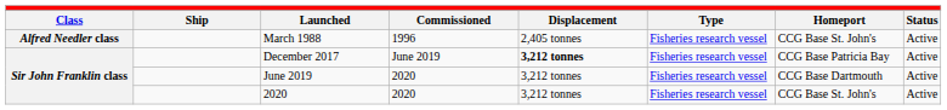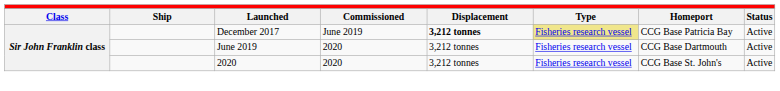 <table class="wikitable" style="margin:auto; width:100%;">
 <tr>
 <th style="align: center; background: #FF0000;" colspan="8"><strong></strong></th>
 </tr>
 <tr>
 </tr>
 <tr>
 <th style="text-align:center; width:14%;"><a href='#'>Class</a></th>
 <th style="text-align:center; width:14%;">Ship</th>
 <th style="text-align:center; width:14%;">Launched</th>
 <th style="text-align:center; width:14%;">Commissioned</th>
 <th style="text-align:center; width:14%;">Displacement</th>
 <th style="text-align:center; width:14%;">Type</th>
 <th style="text-align:center; width:14%;">Homeport</th>
 <th style="text-align:center; width:2%;">Status</th>
 </tr>
 <tr>
-<th><em>Alfred Needler</em> class</th>
-<td></td>
-<td>March 1988</td>
-<td>1996</td>
-<td>2,405 tonnes</td>
-<td><a href='#'>Fisheries research vessel</a></td>
-<td>CCG Base St. John's</td>
-<td>Active</td>
-</tr>
-<tr>
 <th rowspan="3"><em>Sir John Franklin</em> class</th>
 <td></td>
 <td>December 2017</td>
 <td>June 2019</td>
 <td><strong>3,212 tonnes</strong></td>
-<td><a href='#'>Fisheries research vessel</a></td>
+<td style="background: khaki;"><a href='#'>Fisheries research vessel</a></td>
 <td>CCG Base Patricia Bay</td>
 <td>Active</td>
 </tr>
 <tr>
 <td></td>
 <td>June 2019</td>
 <td>2020</td>
 <td>3,212 tonnes</td>
 <td><a href='#'>Fisheries research vessel</a></td>
 <td>CCG Base Dartmouth</td>
 <td>Active</td>
 </tr>
 <tr>
 <td></td>
 <td>2020</td>
 <td>2020</td>
 <td>3,212 tonnes</td>
 <td><a href='#'>Fisheries research vessel</a></td>
 <td>CCG Base St. John's</td>
 <td>Active</td>
 </tr>
 </table>
